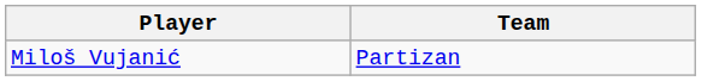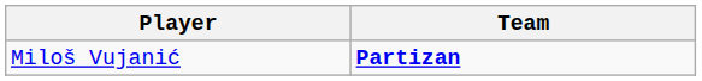 <table class="wikitable" style="text-align:left;">
 <tr>
 <th style="width:200px;">Player</th>
 <th style="width:200px;">Team</th>
 </tr>
 <tr>
 <td> <a href='#'>Miloš Vujanić</a></td>
-<td> <a href='#'>Partizan</a></td>
+<td><strong> <a href='#'>Partizan</a></strong></td>
 </tr>
 </table>
